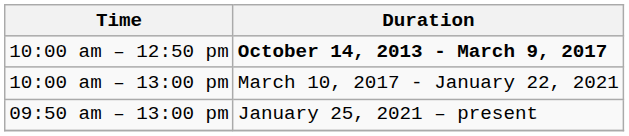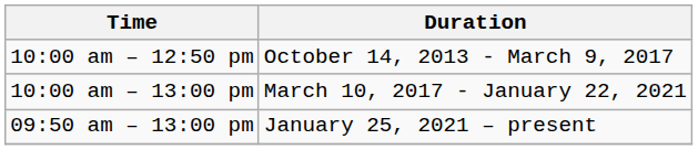 <table class="wikitable">
 <tr>
 <th>Time</th>
 <th>Duration</th>
 </tr>
 <tr>
 <td>10:00 am – 12:50 pm</td>
-<td><strong>October 14, 2013 - March 9, 2017</strong></td>
+<td>October 14, 2013 - March 9, 2017</td>
 </tr>
 <tr>
 <td>10:00 am – 13:00 pm</td>
 <td>March 10, 2017 - January 22, 2021</td>
 </tr>
 <tr>
 <td>09:50 am – 13:00 pm</td>
 <td>January 25, 2021 – present</td>
 </tr>
 <tr>
 </tr>
 </table>
